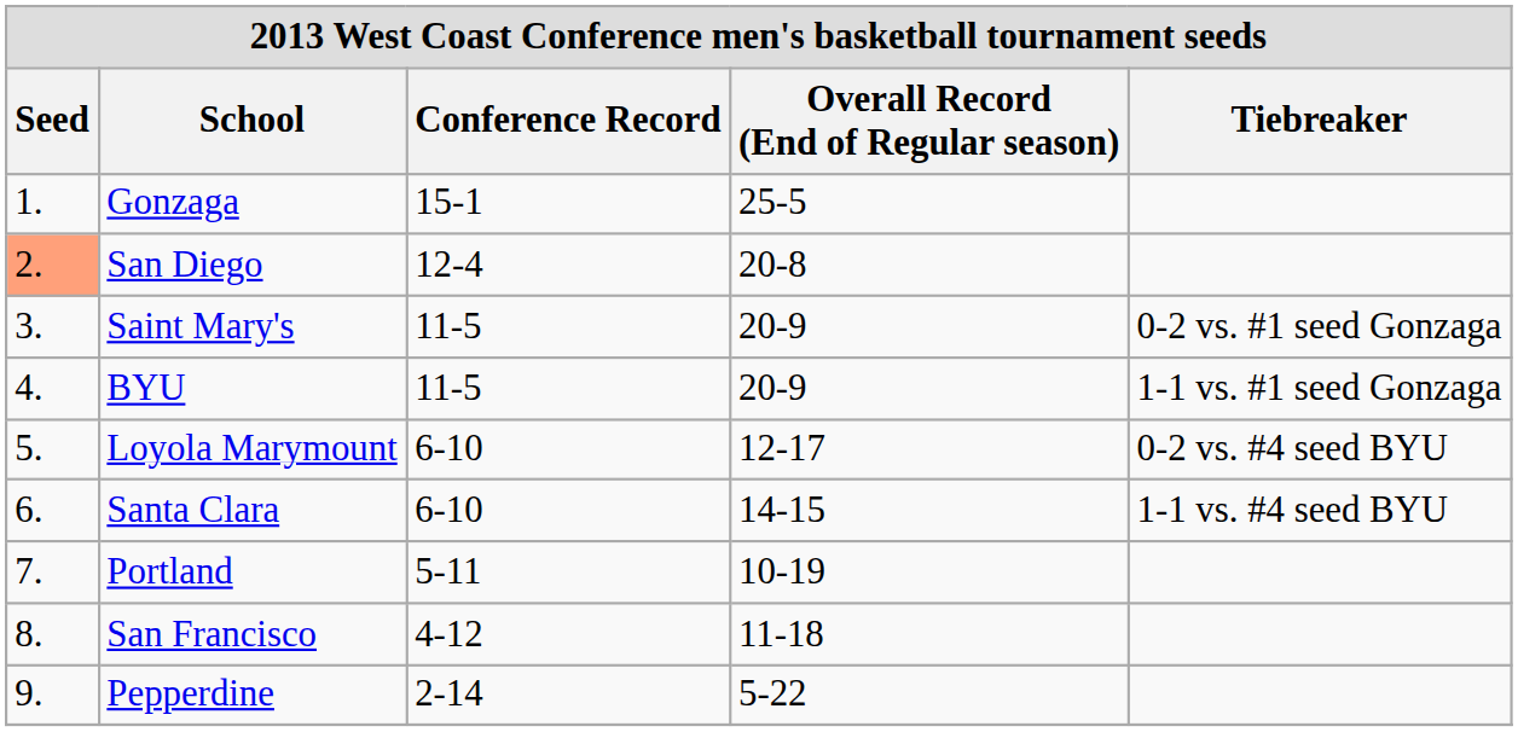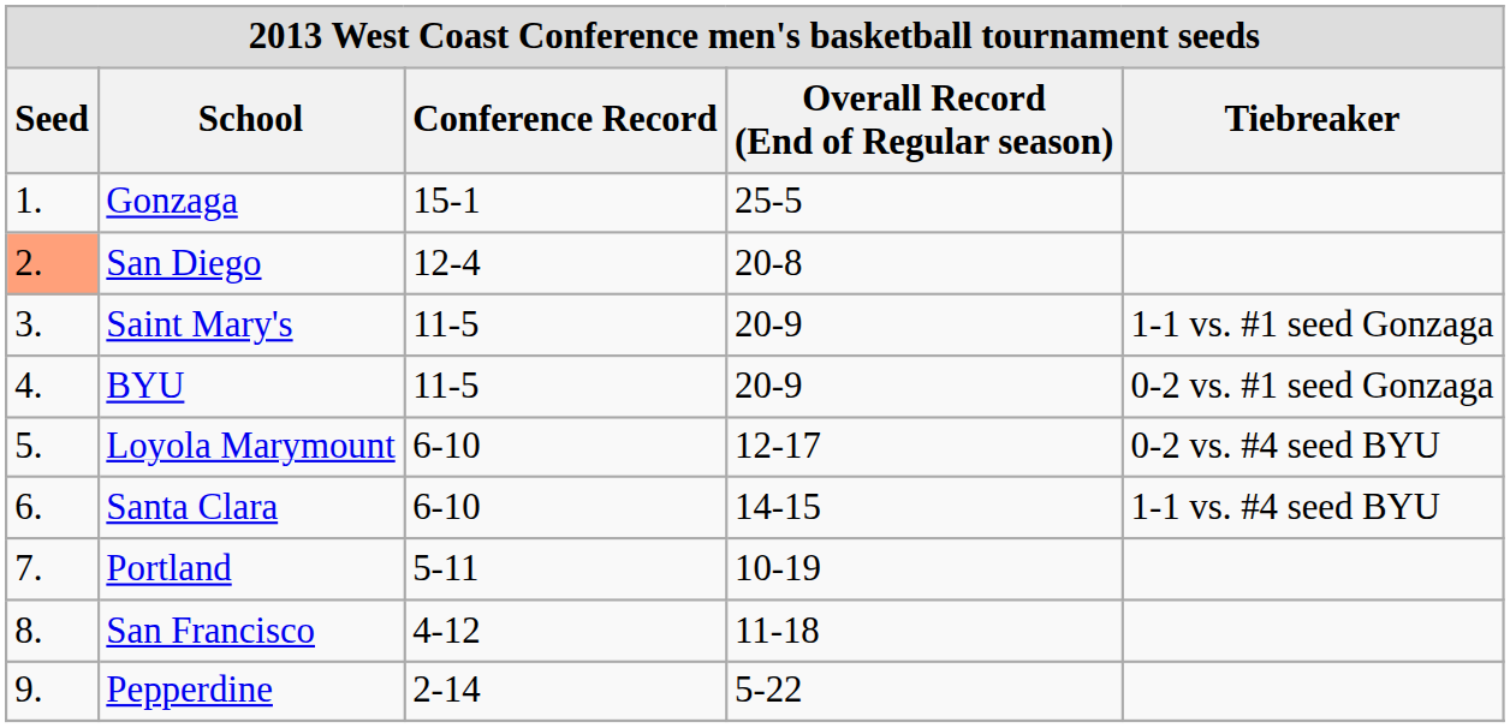 <table class="wikitable" style="white-space:nowrap; font-size:90%;">
 <tr>
 <td colspan="7" style="text-align:center; background:#DDDDDD; font:#000000"><strong>2013 West Coast Conference men's basketball tournament seeds</strong></td>
 </tr>
 <tr bgcolor="#efefef">
 <th>Seed</th>
 <th>School</th>
 <th>Conference Record</th>
 <th>Overall Record <br>(End of Regular season)</th>
 <th>Tiebreaker</th>
 </tr>
 <tr>
 <td>1.</td>
 <td><a href='#'>Gonzaga</a></td>
 <td>15-1</td>
 <td>25-5</td>
 <td></td>
 </tr>
 <tr>
 <td style="background: lightsalmon;">2.</td>
 <td><a href='#'>San Diego</a></td>
 <td>12-4</td>
 <td>20-8</td>
 <td></td>
 </tr>
 <tr>
 <td>3.</td>
 <td><a href='#'>Saint Mary's</a></td>
 <td>11-5</td>
 <td>20-9</td>
-<td>0-2 vs. #1 seed Gonzaga</td>
+<td>1-1 vs. #1 seed Gonzaga</td>
 </tr>
 <tr>
 <td>4.</td>
 <td><a href='#'>BYU</a></td>
 <td>11-5</td>
 <td>20-9</td>
-<td>1-1 vs. #1 seed Gonzaga</td>
+<td>0-2 vs. #1 seed Gonzaga</td>
 </tr>
 <tr>
 <td>5.</td>
 <td><a href='#'>Loyola Marymount</a></td>
 <td>6-10</td>
 <td>12-17</td>
 <td>0-2 vs. #4 seed BYU</td>
 </tr>
 <tr>
 <td>6.</td>
 <td><a href='#'>Santa Clara</a></td>
 <td>6-10</td>
 <td>14-15</td>
 <td>1-1 vs. #4 seed BYU</td>
 </tr>
 <tr>
 <td>7.</td>
 <td><a href='#'>Portland</a></td>
 <td>5-11</td>
 <td>10-19</td>
 <td></td>
 </tr>
 <tr>
 <td>8.</td>
 <td><a href='#'>San Francisco</a></td>
 <td>4-12</td>
 <td>11-18</td>
 <td></td>
 </tr>
 <tr>
 <td>9.</td>
 <td><a href='#'>Pepperdine</a></td>
 <td>2-14</td>
 <td>5-22</td>
 <td></td>
 </tr>
 <tr>
 </tr>
 </table>
